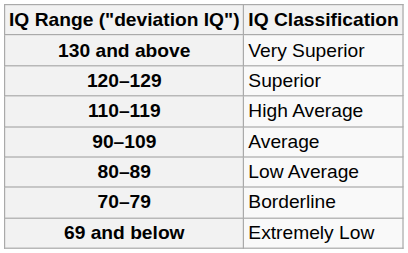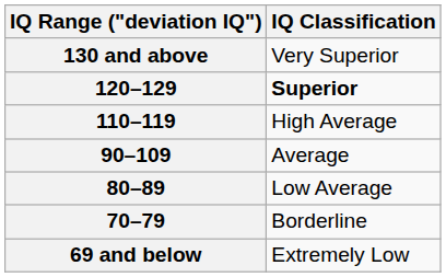 <table class="wikitable">
 <tr>
 <th>IQ Range ("deviation IQ")</th>
 <th>IQ Classification</th>
 </tr>
 <tr>
 <th>130 and above</th>
 <td>Very Superior</td>
 </tr>
 <tr>
 <th>120–129</th>
-<td>Superior</td>
+<td><strong>Superior</strong></td>
 </tr>
 <tr>
 <th>110–119</th>
 <td>High Average</td>
 </tr>
 <tr>
 <th>90–109</th>
 <td>Average</td>
 </tr>
 <tr>
 <th>80–89</th>
 <td>Low Average</td>
 </tr>
 <tr>
 <th>70–79</th>
 <td>Borderline</td>
 </tr>
 <tr>
 <th>69 and below</th>
 <td>Extremely Low</td>
 </tr>
 </table>
